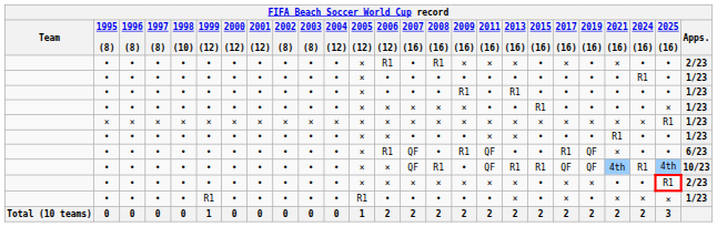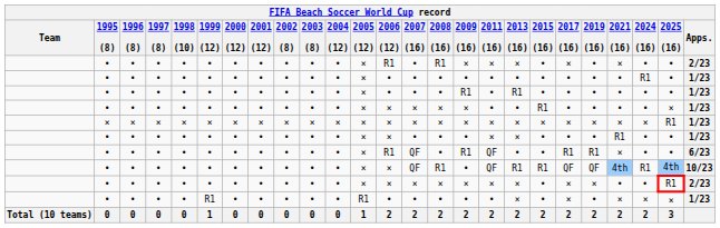 <table class="wikitable" style="text-align:center; font-size:90%">
 <tr>
 <th colspan=25><a href='#'>FIFA Beach Soccer World Cup</a> record</th>
 </tr>
 <tr>
 <th>Team</th>
 <th><a href='#'>1995</a><br> <br> (8)</th>
 <th><a href='#'>1996</a><br> <br> (8)</th>
 <th><a href='#'>1997</a><br> <br> (8)</th>
 <th><a href='#'>1998</a><br> <br> (10)</th>
 <th><a href='#'>1999</a><br> <br> (12)</th>
 <th><a href='#'>2000</a><br> <br> (12)</th>
 <th><a href='#'>2001</a><br> <br> (12)</th>
 <th><a href='#'>2002</a><br> <br> (8)</th>
 <th><a href='#'>2003</a><br> <br> (8)</th>
 <th><a href='#'>2004</a><br> <br> (12)</th>
 <th><a href='#'>2005</a><br> <br> (12)</th>
 <th><a href='#'>2006</a><br> <br> (12)</th>
 <th><a href='#'>2007</a><br> <br> (16)</th>
 <th><a href='#'>2008</a><br> <br> (16)</th>
 <th><a href='#'>2009</a><br> <br> (16)</th>
 <th><a href='#'>2011</a><br> <br> (16)</th>
 <th><a href='#'>2013</a><br> <br> (16)</th>
 <th><a href='#'>2015</a><br> <br> (16)</th>
 <th><a href='#'>2017</a><br> <br> (16)</th>
 <th><a href='#'>2019</a><br> <br> (16)</th>
 <th><a href='#'>2021</a><br> <br> (16)</th>
 <th><a href='#'>2024</a><br> <br> (16)</th>
 <th><a href='#'>2025</a><br> <br> (16)</th>
 <th>Apps.</th>
 </tr>
 <tr>
 <td style="text-align:left;"></td>
 <td>•</td>
 <td>•</td>
 <td>•</td>
 <td>•</td>
 <td>•</td>
 <td>•</td>
 <td>•</td>
 <td>•</td>
 <td>•</td>
 <td>•</td>
 <td>×</td>
 <td>R1<br></td>
 <td>•</td>
 <td>R1<br></td>
 <td>×</td>
 <td>×</td>
 <td>×</td>
 <td>•</td>
 <td>×</td>
 <td>•</td>
 <td>×</td>
 <td>•</td>
 <td>•</td>
 <th>2/23</th>
 </tr>
 <tr>
 <td style="text-align:left;"></td>
 <td>•</td>
 <td>•</td>
 <td>•</td>
 <td>•</td>
 <td>•</td>
 <td>•</td>
 <td>•</td>
 <td>•</td>
 <td>•</td>
 <td>•</td>
 <td>×</td>
 <td>•</td>
 <td>•</td>
 <td>•</td>
 <td>•</td>
 <td>•</td>
 <td>•</td>
 <td>•</td>
 <td>•</td>
 <td>•</td>
 <td>•</td>
 <td>R1<br></td>
 <td>•</td>
 <th>1/23</th>
 </tr>
 <tr>
 <td style="text-align:left;"></td>
 <td>•</td>
 <td>•</td>
 <td>•</td>
 <td>•</td>
 <td>•</td>
 <td>•</td>
 <td>•</td>
 <td>•</td>
 <td>•</td>
 <td>•</td>
 <td>×</td>
 <td>•</td>
 <td>•</td>
 <td>•</td>
 <td>R1<br></td>
 <td>•</td>
 <td>R1<br></td>
 <td>•</td>
 <td>•</td>
 <td>•</td>
 <td>•</td>
 <td>•</td>
 <td>•</td>
 <th>1/23</th>
 </tr>
 <tr>
 <td style="text-align:left;"></td>
 <td>•</td>
 <td>•</td>
 <td>•</td>
 <td>•</td>
 <td>•</td>
 <td>•</td>
 <td>•</td>
 <td>•</td>
 <td>•</td>
 <td>•</td>
 <td>×</td>
 <td>×</td>
 <td>×</td>
 <td>×</td>
 <td>×</td>
 <td>•</td>
 <td>•</td>
 <td>R1<br></td>
 <td>•</td>
 <td>•</td>
 <td>•</td>
 <td>•</td>
 <td>×</td>
 <th>1/23</th>
 </tr>
 <tr>
 <td style="text-align:left;"></td>
 <td>×</td>
 <td>×</td>
 <td>×</td>
 <td>×</td>
 <td>×</td>
 <td>×</td>
 <td>×</td>
 <td>×</td>
 <td>×</td>
 <td>×</td>
 <td>×</td>
 <td>×</td>
 <td>×</td>
 <td>×</td>
 <td>×</td>
 <td>×</td>
 <td>×</td>
 <td>×</td>
 <td>×</td>
 <td>×</td>
 <td>×</td>
 <td>×</td>
 <td>R1</td>
 <th>1/23</th>
 </tr>
 <tr>
 <td style="text-align:left;"></td>
 <td>•</td>
 <td>•</td>
 <td>•</td>
 <td>•</td>
 <td>•</td>
 <td>•</td>
 <td>•</td>
 <td>•</td>
 <td>•</td>
 <td>•</td>
 <td>×</td>
 <td>×</td>
 <td>•</td>
 <td>•</td>
 <td>•</td>
 <td>×</td>
 <td>×</td>
 <td>•</td>
 <td>•</td>
 <td>•</td>
 <td>R1<br></td>
 <td>•</td>
 <td>•</td>
 <th>1/23</th>
 </tr>
 <tr>
 <td style="text-align:left;"></td>
 <td>•</td>
 <td>•</td>
 <td>•</td>
 <td>•</td>
 <td>•</td>
 <td>•</td>
 <td>•</td>
 <td>•</td>
 <td>•</td>
 <td>•</td>
 <td>×</td>
 <td>R1<br></td>
 <td>QF<br></td>
 <td>•</td>
 <td>R1<br></td>
 <td>QF<br></td>
 <td>•</td>
 <td>•</td>
 <td>R1<br></td>
-<td>QF<br></td>
+<td>R1<br></td>
 <td>×</td>
 <td>•</td>
 <td>•</td>
 <th>6/23</th>
 </tr>
 <tr>
 <td style="text-align:left;"></td>
 <td>•</td>
 <td>•</td>
 <td>•</td>
 <td>•</td>
 <td>•</td>
 <td>•</td>
 <td>•</td>
 <td>•</td>
 <td>•</td>
 <td>•</td>
 <td>×</td>
 <td>×</td>
 <td>QF<br></td>
 <td>R1<br></td>
 <td>•</td>
 <td>QF<br></td>
 <td>R1<br></td>
 <td>R1<br></td>
 <td>QF<br></td>
 <td>QF<br></td>
 <td style="background:#9acdff;">4th</td>
 <td>R1<br></td>
 <td style="background:#9acdff;">4th</td>
 <th>10/23</th>
 </tr>
 <tr>
 <td style="text-align:left;"></td>
 <td>•</td>
 <td>•</td>
 <td>•</td>
 <td>•</td>
 <td>•</td>
 <td>•</td>
 <td>•</td>
 <td>•</td>
 <td>•</td>
 <td>•</td>
 <td>×</td>
 <td>×</td>
 <td>×</td>
 <td>×</td>
 <td>×</td>
 <td>×</td>
 <td>×</td>
 <td>•</td>
 <td>×</td>
 <td>×</td>
 <td>•</td>
 <td>•</td>
 <td style="border: 3px solid red">R1</td>
 <th>2/23</th>
 </tr>
 <tr>
 <td style="text-align:left;"></td>
 <td>•</td>
 <td>•</td>
 <td>•</td>
 <td>•</td>
 <td>R1<br></td>
 <td>•</td>
 <td>•</td>
 <td>•</td>
 <td>•</td>
 <td>•</td>
 <td>R1<br></td>
 <td>•</td>
 <td>•</td>
 <td>•</td>
 <td>•</td>
 <td>•</td>
 <td>×</td>
 <td>•</td>
 <td>×</td>
 <td>•</td>
 <td>×</td>
 <td>×</td>
 <td>×</td>
 <th>1/23</th>
 </tr>
 <tr>
 <th align=centre>Total (10 teams)</th>
 <th>0</th>
 <th>0</th>
 <th>0</th>
 <th>0</th>
 <th>1</th>
 <th>0</th>
 <th>0</th>
 <th>0</th>
 <th>0</th>
 <th>0</th>
 <th>1</th>
 <th>2</th>
 <th>2</th>
 <th>2</th>
 <th>2</th>
 <th>2</th>
 <th>2</th>
 <th>2</th>
 <th>2</th>
 <th>2</th>
 <th>2</th>
 <th>2</th>
 <th>3</th>
 <th></th>
 </tr>
 </table>
